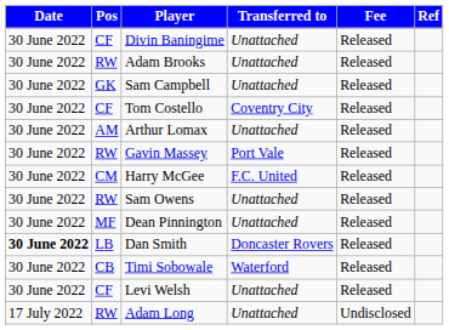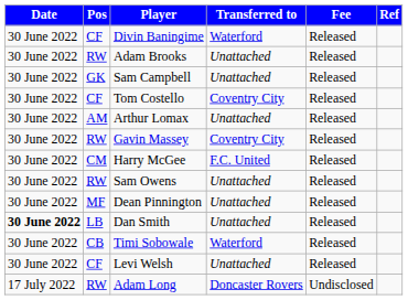 <table class="wikitable plainrowheaders sortable">
 <tr>
 <th style="background:#0000FF; color:#FFFFFF; ">Date</th>
 <th style="background:#0000FF; color:#FFFFFF; ">Pos</th>
 <th style="background:#0000FF; color:#FFFFFF; ">Player</th>
 <th style="background:#0000FF; color:#FFFFFF; ">Transferred to</th>
 <th style="background:#0000FF; color:#FFFFFF; ">Fee</th>
 <th style="background:#0000FF; color:#FFFFFF; ">Ref</th>
 </tr>
 <tr>
 <td>30 June 2022</td>
 <td><a href='#'>CF</a></td>
 <td> <a href='#'>Divin Baningime</a></td>
-<td> <em>Unattached</em></td>
+<td> <a href='#'>Waterford</a></td>
 <td>Released</td>
 <td></td>
 </tr>
 <tr>
 <td>30 June 2022</td>
 <td><a href='#'>RW</a></td>
 <td> Adam Brooks</td>
 <td> <em>Unattached</em></td>
 <td>Released</td>
 <td></td>
 </tr>
 <tr>
 <td>30 June 2022</td>
 <td><a href='#'>GK</a></td>
 <td> Sam Campbell</td>
 <td> <em>Unattached</em></td>
 <td>Released</td>
 <td></td>
 </tr>
 <tr>
 <td>30 June 2022</td>
 <td><a href='#'>CF</a></td>
 <td> Tom Costello</td>
 <td> <a href='#'>Coventry City</a></td>
 <td>Released</td>
 <td></td>
 </tr>
 <tr>
 <td>30 June 2022</td>
 <td><a href='#'>AM</a></td>
 <td> Arthur Lomax</td>
 <td> <em>Unattached</em></td>
 <td>Released</td>
 <td></td>
 </tr>
 <tr>
 <td>30 June 2022</td>
 <td><a href='#'>RW</a></td>
 <td> <a href='#'>Gavin Massey</a></td>
-<td> <a href='#'>Port Vale</a></td>
+<td> <a href='#'>Coventry City</a></td>
 <td>Released</td>
 <td></td>
 </tr>
 <tr>
 <td>30 June 2022</td>
 <td><a href='#'>CM</a></td>
 <td> Harry McGee</td>
 <td> <a href='#'>F.C. United</a></td>
 <td>Released</td>
 <td></td>
 </tr>
 <tr>
 <td>30 June 2022</td>
 <td><a href='#'>RW</a></td>
 <td> Sam Owens</td>
 <td> <em>Unattached</em></td>
 <td>Released</td>
 <td></td>
 </tr>
 <tr>
 <td>30 June 2022</td>
 <td><a href='#'>MF</a></td>
 <td> Dean Pinnington</td>
 <td> <em>Unattached</em></td>
 <td>Released</td>
 <td></td>
 </tr>
 <tr>
 <td><strong>30 June 2022</strong></td>
 <td><a href='#'>LB</a></td>
 <td> Dan Smith</td>
-<td> <a href='#'>Doncaster Rovers</a></td>
+<td> <em>Unattached</em></td>
 <td>Released</td>
 <td></td>
 </tr>
 <tr>
 <td>30 June 2022</td>
 <td><a href='#'>CB</a></td>
 <td> <a href='#'>Timi Sobowale</a></td>
 <td> <a href='#'>Waterford</a></td>
 <td>Released</td>
 <td></td>
 </tr>
 <tr>
 <td>30 June 2022</td>
 <td><a href='#'>CF</a></td>
 <td> Levi Welsh</td>
 <td> <em>Unattached</em></td>
 <td>Released</td>
 <td></td>
 </tr>
 <tr>
 <td>17 July 2022</td>
 <td><a href='#'>RW</a></td>
 <td> <a href='#'>Adam Long</a></td>
-<td> <em>Unattached</em></td>
+<td> <a href='#'>Doncaster Rovers</a></td>
 <td>Undisclosed</td>
 <td></td>
 </tr>
 </table>
